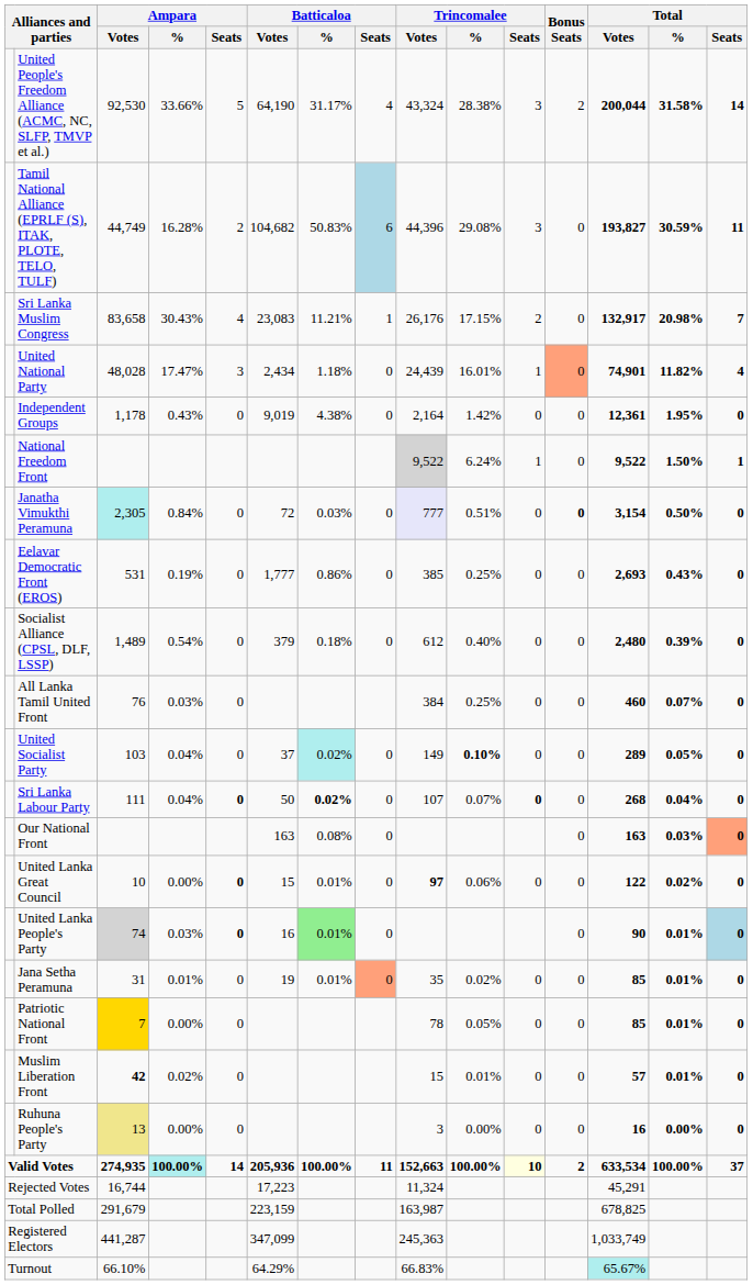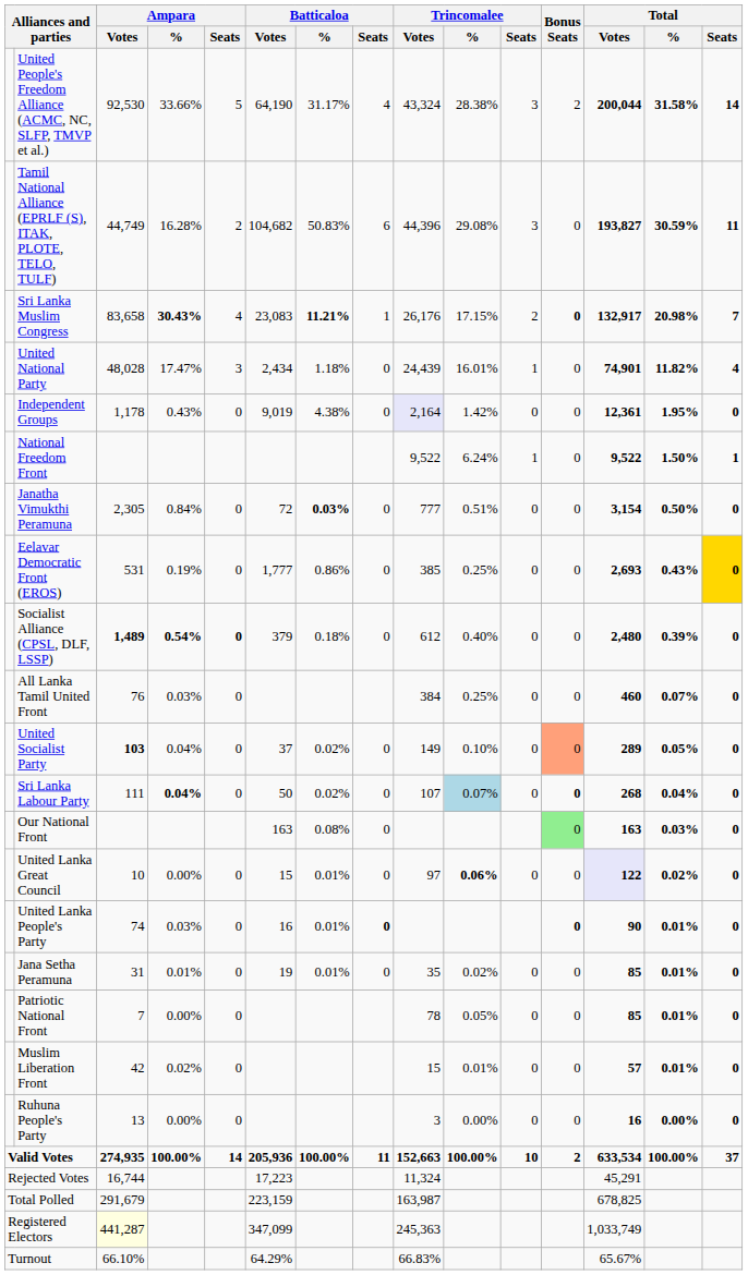 <table class="wikitable" style="text-align:right;">
 <tr>
 <th valign=bottom rowspan=2 colspan=2 width="300">Alliances and parties</th>
 <th colspan=3><a href='#'>Ampara</a></th>
 <th colspan=3><a href='#'>Batticaloa</a></th>
 <th colspan=3><a href='#'>Trincomalee</a></th>
 <th valign=bottom rowspan=2 width="40">Bonus<br>Seats</th>
 <th colspan=3>Total</th>
 </tr>
 <tr>
 <th align=center valign=bottom width="50">Votes</th>
 <th align=center valign=bottom width="50">%</th>
 <th align=center valign=bottom width="40">Seats</th>
 <th align=center valign=bottom width="50">Votes</th>
 <th align=center valign=bottom width="50">%</th>
 <th align=center valign=bottom width="40">Seats</th>
 <th align=center valign=bottom width="50">Votes</th>
 <th align=center valign=bottom width="50">%</th>
 <th align=center valign=bottom width="40">Seats</th>
 <th align=center valign=bottom width="50">Votes</th>
 <th align=center valign=bottom width="50">%</th>
 <th align=center valign=bottom width="40">Seats</th>
 </tr>
 <tr>
 <td bgcolor=> </td>
 <td align=left><a href='#'>United People's Freedom Alliance</a> (<a href='#'>ACMC</a>, NC, <a href='#'>SLFP</a>, <a href='#'>TMVP</a> et al.)</td>
 <td>92,530</td>
 <td>33.66%</td>
 <td>5</td>
 <td>64,190</td>
 <td>31.17%</td>
 <td>4</td>
 <td>43,324</td>
 <td>28.38%</td>
 <td>3</td>
 <td>2</td>
 <td><strong>200,044</strong></td>
 <td><strong>31.58%</strong></td>
 <td><strong>14</strong></td>
 </tr>
 <tr>
 <td bgcolor=> </td>
 <td align=left><a href='#'>Tamil National Alliance</a> (<a href='#'>EPRLF (S)</a>, <a href='#'>ITAK</a>, <a href='#'>PLOTE</a>, <a href='#'>TELO</a>, <a href='#'>TULF</a>)</td>
 <td>44,749</td>
 <td>16.28%</td>
 <td>2</td>
 <td>104,682</td>
 <td>50.83%</td>
-<td style="background: lightblue;">6</td>
+<td>6</td>
 <td>44,396</td>
 <td>29.08%</td>
 <td>3</td>
 <td>0</td>
 <td><strong>193,827</strong></td>
 <td><strong>30.59%</strong></td>
 <td><strong>11</strong></td>
 </tr>
 <tr>
 <td bgcolor=> </td>
 <td align=left><a href='#'>Sri Lanka Muslim Congress</a></td>
 <td>83,658</td>
-<td>30.43%</td>
+<td><strong>30.43%</strong></td>
 <td>4</td>
 <td>23,083</td>
-<td>11.21%</td>
+<td><strong>11.21%</strong></td>
 <td>1</td>
 <td>26,176</td>
 <td>17.15%</td>
 <td>2</td>
-<td>0</td>
+<td><strong>0</strong></td>
 <td><strong>132,917</strong></td>
 <td><strong>20.98%</strong></td>
 <td><strong>7</strong></td>
 </tr>
 <tr>
 <td bgcolor=> </td>
 <td align=left><a href='#'>United National Party</a></td>
 <td>48,028</td>
 <td>17.47%</td>
 <td>3</td>
 <td>2,434</td>
 <td>1.18%</td>
 <td>0</td>
 <td>24,439</td>
 <td>16.01%</td>
 <td>1</td>
-<td style="background: lightsalmon;">0</td>
+<td>0</td>
 <td><strong>74,901</strong></td>
 <td><strong>11.82%</strong></td>
 <td><strong>4</strong></td>
 </tr>
 <tr>
 <td bgcolor=> </td>
 <td align=left><a href='#'>Independent Groups</a></td>
 <td>1,178</td>
 <td>0.43%</td>
 <td>0</td>
 <td>9,019</td>
 <td>4.38%</td>
 <td>0</td>
-<td>2,164</td>
+<td style="background: lavender;">2,164</td>
 <td>1.42%</td>
 <td>0</td>
 <td>0</td>
 <td><strong>12,361</strong></td>
 <td><strong>1.95%</strong></td>
 <td><strong>0</strong></td>
 </tr>
 <tr>
 <td></td>
 <td align=left><a href='#'>National Freedom Front</a></td>
 <td></td>
 <td></td>
 <td></td>
 <td></td>
 <td></td>
 <td></td>
-<td style="background: lightgrey;">9,522</td>
+<td>9,522</td>
 <td>6.24%</td>
 <td>1</td>
 <td>0</td>
 <td><strong>9,522</strong></td>
 <td><strong>1.50%</strong></td>
 <td><strong>1</strong></td>
 </tr>
 <tr>
 <td bgcolor=> </td>
 <td align=left><a href='#'>Janatha Vimukthi Peramuna</a></td>
-<td style="background: paleturquoise;">2,305</td>
+<td>2,305</td>
 <td>0.84%</td>
 <td>0</td>
 <td>72</td>
-<td>0.03%</td>
+<td><strong>0.03%</strong></td>
 <td>0</td>
-<td style="background: lavender;">777</td>
+<td>777</td>
 <td>0.51%</td>
 <td>0</td>
-<td><strong>0</strong></td>
+<td>0</td>
 <td><strong>3,154</strong></td>
 <td><strong>0.50%</strong></td>
 <td><strong>0</strong></td>
 </tr>
 <tr>
 <td bgcolor=> </td>
 <td align=left><a href='#'>Eelavar Democratic Front</a> (<a href='#'>EROS</a>)</td>
 <td>531</td>
 <td>0.19%</td>
 <td>0</td>
 <td>1,777</td>
 <td>0.86%</td>
 <td>0</td>
 <td>385</td>
 <td>0.25%</td>
 <td>0</td>
 <td>0</td>
 <td><strong>2,693</strong></td>
 <td><strong>0.43%</strong></td>
-<td><strong>0</strong></td>
+<td style="background: gold;"><strong>0</strong></td>
 </tr>
 <tr>
 <td></td>
 <td align=left>Socialist Alliance (<a href='#'>CPSL</a>, DLF, <a href='#'>LSSP</a>)</td>
-<td>1,489</td>
-<td>0.54%</td>
-<td>0</td>
+<td><strong>1,489</strong></td>
+<td><strong>0.54%</strong></td>
+<td><strong>0</strong></td>
 <td>379</td>
 <td>0.18%</td>
 <td>0</td>
 <td>612</td>
 <td>0.40%</td>
 <td>0</td>
 <td>0</td>
 <td><strong>2,480</strong></td>
 <td><strong>0.39%</strong></td>
 <td><strong>0</strong></td>
 </tr>
 <tr>
 <td></td>
 <td align=left>All Lanka Tamil United Front</td>
 <td>76</td>
 <td>0.03%</td>
 <td>0</td>
 <td></td>
 <td></td>
 <td></td>
 <td>384</td>
 <td>0.25%</td>
 <td>0</td>
 <td>0</td>
 <td><strong>460</strong></td>
 <td><strong>0.07%</strong></td>
 <td><strong>0</strong></td>
 </tr>
 <tr>
 <td></td>
 <td align=left><a href='#'>United Socialist Party</a></td>
-<td>103</td>
+<td><strong>103</strong></td>
 <td>0.04%</td>
 <td>0</td>
 <td>37</td>
-<td style="background: paleturquoise;">0.02%</td>
+<td>0.02%</td>
 <td>0</td>
 <td>149</td>
-<td><strong>0.10%</strong></td>
+<td>0.10%</td>
 <td>0</td>
-<td>0</td>
+<td style="background: lightsalmon;">0</td>
 <td><strong>289</strong></td>
 <td><strong>0.05%</strong></td>
 <td><strong>0</strong></td>
 </tr>
 <tr>
 <td></td>
 <td align=left><a href='#'>Sri Lanka Labour Party</a></td>
 <td>111</td>
-<td>0.04%</td>
-<td><strong>0</strong></td>
+<td><strong>0.04%</strong></td>
+<td>0</td>
 <td>50</td>
-<td><strong>0.02%</strong></td>
+<td>0.02%</td>
 <td>0</td>
 <td>107</td>
-<td>0.07%</td>
+<td style="background: lightblue;">0.07%</td>
+<td>0</td>
 <td><strong>0</strong></td>
-<td>0</td>
 <td><strong>268</strong></td>
 <td><strong>0.04%</strong></td>
 <td><strong>0</strong></td>
 </tr>
 <tr>
 <td></td>
 <td align=left>Our National Front</td>
 <td></td>
 <td></td>
 <td></td>
 <td>163</td>
 <td>0.08%</td>
 <td>0</td>
 <td></td>
 <td></td>
 <td></td>
-<td>0</td>
+<td style="background: lightgreen;">0</td>
 <td><strong>163</strong></td>
 <td><strong>0.03%</strong></td>
-<td style="background: lightsalmon;"><strong>0</strong></td>
+<td><strong>0</strong></td>
 </tr>
 <tr>
 <td></td>
 <td align=left>United Lanka Great Council</td>
 <td>10</td>
 <td>0.00%</td>
-<td><strong>0</strong></td>
+<td>0</td>
 <td>15</td>
 <td>0.01%</td>
 <td>0</td>
-<td><strong>97</strong></td>
-<td>0.06%</td>
+<td>97</td>
+<td><strong>0.06%</strong></td>
 <td>0</td>
 <td>0</td>
-<td><strong>122</strong></td>
+<td style="background: lavender;"><strong>122</strong></td>
 <td><strong>0.02%</strong></td>
 <td><strong>0</strong></td>
 </tr>
 <tr>
 <td></td>
 <td align=left>United Lanka People's Party</td>
-<td style="background: lightgrey;">74</td>
+<td>74</td>
 <td>0.03%</td>
+<td>0</td>
+<td>16</td>
+<td>0.01%</td>
 <td><strong>0</strong></td>
-<td>16</td>
-<td style="background: lightgreen;">0.01%</td>
-<td>0</td>
 <td></td>
 <td></td>
 <td></td>
-<td>0</td>
+<td><strong>0</strong></td>
 <td><strong>90</strong></td>
 <td><strong>0.01%</strong></td>
-<td style="background: lightblue;"><strong>0</strong></td>
+<td><strong>0</strong></td>
 </tr>
 <tr>
 <td></td>
 <td align=left>Jana Setha Peramuna</td>
 <td>31</td>
 <td>0.01%</td>
 <td>0</td>
 <td>19</td>
 <td>0.01%</td>
-<td style="background: lightsalmon;">0</td>
+<td>0</td>
 <td>35</td>
 <td>0.02%</td>
 <td>0</td>
 <td>0</td>
 <td><strong>85</strong></td>
 <td><strong>0.01%</strong></td>
 <td><strong>0</strong></td>
 </tr>
 <tr>
 <td></td>
 <td align=left>Patriotic National Front</td>
-<td style="background: gold;">7</td>
+<td>7</td>
 <td>0.00%</td>
 <td>0</td>
 <td></td>
 <td></td>
 <td></td>
 <td>78</td>
 <td>0.05%</td>
 <td>0</td>
 <td>0</td>
 <td><strong>85</strong></td>
 <td><strong>0.01%</strong></td>
 <td><strong>0</strong></td>
 </tr>
 <tr>
 <td></td>
 <td align=left>Muslim Liberation Front</td>
-<td><strong>42</strong></td>
+<td>42</td>
 <td>0.02%</td>
 <td>0</td>
 <td></td>
 <td></td>
 <td></td>
 <td>15</td>
 <td>0.01%</td>
 <td>0</td>
 <td>0</td>
 <td><strong>57</strong></td>
 <td><strong>0.01%</strong></td>
 <td><strong>0</strong></td>
 </tr>
 <tr>
 <td></td>
 <td align=left>Ruhuna People's Party</td>
-<td style="background: khaki;">13</td>
+<td>13</td>
 <td>0.00%</td>
 <td>0</td>
 <td></td>
 <td></td>
 <td></td>
 <td>3</td>
 <td>0.00%</td>
 <td>0</td>
 <td>0</td>
 <td><strong>16</strong></td>
 <td><strong>0.00%</strong></td>
 <td><strong>0</strong></td>
 </tr>
 <tr>
 <td colspan=2 align=left><strong>Valid Votes</strong></td>
 <td><strong>274,935</strong></td>
-<td style="background: paleturquoise;"><strong>100.00%</strong></td>
+<td><strong>100.00%</strong></td>
 <td><strong>14</strong></td>
 <td><strong>205,936</strong></td>
 <td><strong>100.00%</strong></td>
 <td><strong>11</strong></td>
 <td><strong>152,663</strong></td>
 <td><strong>100.00%</strong></td>
-<td style="background: lightyellow;"><strong>10</strong></td>
+<td><strong>10</strong></td>
 <td><strong>2</strong></td>
 <td><strong>633,534</strong></td>
 <td><strong>100.00%</strong></td>
 <td><strong>37</strong></td>
 </tr>
 <tr>
 <td colspan=2 align=left>Rejected Votes</td>
 <td>16,744</td>
 <td></td>
 <td></td>
 <td>17,223</td>
 <td></td>
 <td></td>
 <td>11,324</td>
 <td></td>
 <td></td>
 <td></td>
 <td>45,291</td>
 <td></td>
 <td></td>
 </tr>
 <tr>
 <td colspan=2 align=left>Total Polled</td>
 <td>291,679</td>
 <td></td>
 <td></td>
 <td>223,159</td>
 <td></td>
 <td></td>
 <td>163,987</td>
 <td></td>
 <td></td>
 <td></td>
 <td>678,825</td>
 <td></td>
 <td></td>
 </tr>
 <tr>
 <td colspan=2 align=left>Registered Electors</td>
-<td>441,287</td>
+<td style="background: lightyellow;">441,287</td>
 <td></td>
 <td></td>
 <td>347,099</td>
 <td></td>
 <td></td>
 <td>245,363</td>
 <td></td>
 <td></td>
 <td></td>
 <td>1,033,749</td>
 <td></td>
 <td></td>
 </tr>
 <tr>
 <td colspan=2 align=left>Turnout</td>
 <td>66.10%</td>
 <td></td>
 <td></td>
 <td>64.29%</td>
 <td></td>
 <td></td>
 <td>66.83%</td>
 <td></td>
 <td></td>
 <td></td>
-<td style="background: paleturquoise;">65.67%</td>
+<td>65.67%</td>
 <td></td>
 <td></td>
 </tr>
 </table>
